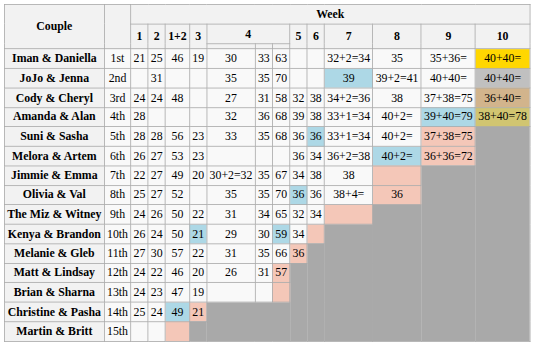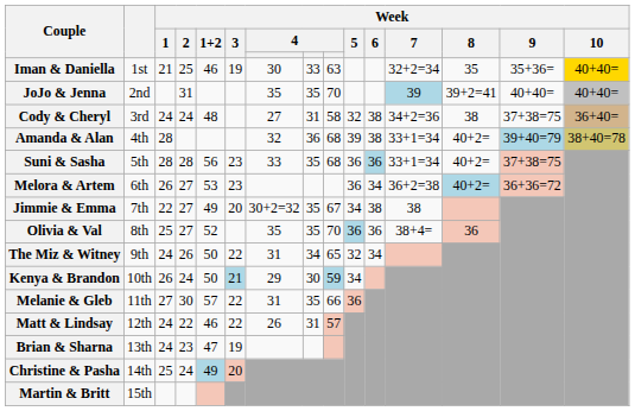 <table class="wikitable sortable" style="text-align:center; font-size:90%">
 <tr>
 <th scope="col" rowspan="3" style="text-align:center;">Couple</th>
 <th scope="col" rowspan="3" style="text-align:center;"></th>
 <th colspan="13" style="text-align:center;">Week</th>
 </tr>
 <tr>
 <th rowspan="2" scope="col">1</th>
 <th rowspan="2" scope="col">2</th>
 <th rowspan="2" scope="col">1+2</th>
 <th rowspan="2" scope="col" style="font-weight:normal"><strong>3</strong></th>
 <th colspan="3" scope="col">4</th>
 <th rowspan="2" scope="col">5</th>
 <th rowspan="2" scope="col">6</th>
 <th rowspan="2" scope="col">7</th>
 <th rowspan="2" scope="col">8</th>
 <th rowspan="2" scope="col">9</th>
 <th rowspan="2" scope="col">10</th>
 </tr>
 <tr>
 <th></th>
 <th></th>
 <th></th>
 </tr>
 <tr>
 <th scope="row">Iman & Daniella</th>
 <td>1st</td>
 <td>21</td>
 <td>25</td>
 <td>46</td>
 <td>19</td>
 <td>30</td>
 <td>33</td>
 <td>63</td>
 <td></td>
 <td></td>
 <td>32+2=34</td>
 <td>35</td>
 <td>35+36=</td>
 <td bgcolor=gold >40+40=</td>
 </tr>
 <tr>
 <th scope="row">JoJo & Jenna</th>
 <td>2nd</td>
 <td></td>
 <td>31</td>
 <td></td>
 <td></td>
 <td>35</td>
 <td>35</td>
 <td>70</td>
 <td></td>
 <td></td>
 <td bgcolor=lightblue >39</td>
 <td>39+2=41</td>
 <td>40+40=</td>
 <td bgcolor=silver >40+40=</td>
 </tr>
 <tr>
 <th scope="row">Cody & Cheryl</th>
 <td>3rd</td>
 <td>24</td>
 <td>24</td>
 <td>48</td>
 <td></td>
 <td>27</td>
 <td>31</td>
 <td>58</td>
 <td>32</td>
 <td>38</td>
 <td>34+2=36</td>
 <td>38</td>
 <td>37+38=75</td>
 <td bgcolor=tan >36+40=</td>
 </tr>
 <tr>
 <th scope="row">Amanda & Alan</th>
 <td>4th</td>
 <td>28</td>
 <td></td>
 <td></td>
 <td></td>
 <td>32</td>
 <td>36</td>
 <td>68</td>
 <td>39</td>
 <td>38</td>
 <td>33+1=34</td>
 <td>40+2=</td>
 <td bgcolor=lightblue >39+40=79</td>
 <td bgcolor=d1c571 >38+40=78</td>
 </tr>
 <tr>
 <th scope="row">Suni & Sasha</th>
 <td>5th</td>
 <td>28</td>
 <td>28</td>
 <td>56</td>
 <td>23</td>
 <td>33</td>
 <td>35</td>
 <td>68</td>
 <td>36</td>
 <td bgcolor=lightblue>36</td>
 <td>33+1=34</td>
 <td>40+2=</td>
 <td bgcolor=f4c7b8 >37+38=75</td>
 <td rowspan="11" bgcolor="darkgrey"></td>
 </tr>
 <tr>
 <th scope="row">Melora & Artem</th>
 <td>6th</td>
 <td>26</td>
 <td>27</td>
 <td>53</td>
 <td>23</td>
 <td></td>
 <td></td>
 <td></td>
 <td>36</td>
 <td>34</td>
 <td>36+2=38</td>
 <td bgcolor=lightblue >40+2=</td>
 <td bgcolor=f4c7b8 >36+36=72</td>
 </tr>
 <tr>
 <th scope="row">Jimmie & Emma</th>
 <td>7th</td>
 <td>22</td>
 <td>27</td>
 <td>49</td>
 <td>20</td>
 <td>30+2=32</td>
 <td>35</td>
 <td>67</td>
 <td>34</td>
 <td>38</td>
 <td>38</td>
 <td bgcolor=f4c7b8 ></td>
 <td rowspan="9" bgcolor="darkgrey"></td>
 </tr>
 <tr>
 <th scope="row">Olivia & Val</th>
 <td>8th</td>
 <td>25</td>
 <td>27</td>
 <td>52</td>
 <td></td>
 <td>35</td>
 <td>35</td>
 <td>70</td>
 <td bgcolor=lightblue>36</td>
 <td>36</td>
 <td>38+4=</td>
 <td bgcolor=f4c7b8 >36</td>
 </tr>
 <tr>
 <th scope="row">The Miz & Witney</th>
 <td>9th</td>
 <td>24</td>
 <td>26</td>
 <td>50</td>
 <td>22</td>
 <td>31</td>
 <td>34</td>
 <td>65</td>
 <td>32</td>
 <td>34</td>
 <td bgcolor=f4c7b8 ></td>
 <td rowspan="7" bgcolor="darkgrey"></td>
 </tr>
 <tr>
 <th scope="row">Kenya & Brandon</th>
 <td>10th</td>
 <td>26</td>
 <td>24</td>
 <td>50</td>
 <td bgcolor=lightblue>21</td>
 <td>29</td>
 <td>30</td>
 <td bgcolor=lightblue>59</td>
 <td>34</td>
 <td bgcolor=f4c7b8></td>
 <td rowspan="6" bgcolor="darkgrey"></td>
 </tr>
 <tr>
 <th scope="row">Melanie & Gleb</th>
 <td>11th</td>
 <td>27</td>
 <td>30</td>
 <td>57</td>
 <td>22</td>
 <td>31</td>
 <td>35</td>
 <td>66</td>
 <td bgcolor=f4c7b8>36</td>
 <td rowspan="5" bgcolor="darkgrey"></td>
 </tr>
 <tr>
 <th scope="row">Matt & Lindsay</th>
 <td>12th</td>
 <td>24</td>
 <td>22</td>
 <td>46</td>
-<td>20</td>
+<td>22</td>
 <td>26</td>
 <td>31</td>
 <td bgcolor=f4c7b8>57</td>
 <td rowspan="4" bgcolor="darkgrey"></td>
 </tr>
 <tr>
 <th scope="row">Brian & Sharna</th>
 <td>13th</td>
 <td>24</td>
 <td>23</td>
 <td>47</td>
 <td>19</td>
 <td></td>
 <td></td>
 <td bgcolor=f4c7b8 ></td>
 </tr>
 <tr>
 <th scope="row">Christine & Pasha</th>
 <td>14th</td>
 <td>25</td>
 <td>24</td>
 <td bgcolor=lightblue>49</td>
-<td bgcolor=f4c7b8>21</td>
+<td bgcolor=f4c7b8>20</td>
 <td colspan="3" rowspan="2" bgcolor="darkgrey"></td>
 </tr>
 <tr>
 <th scope="row">Martin & Britt</th>
 <td>15th</td>
 <td></td>
 <td></td>
 <td bgcolor=f4c7b8></td>
 <td bgcolor="darkgrey"></td>
 </tr>
 </table>
